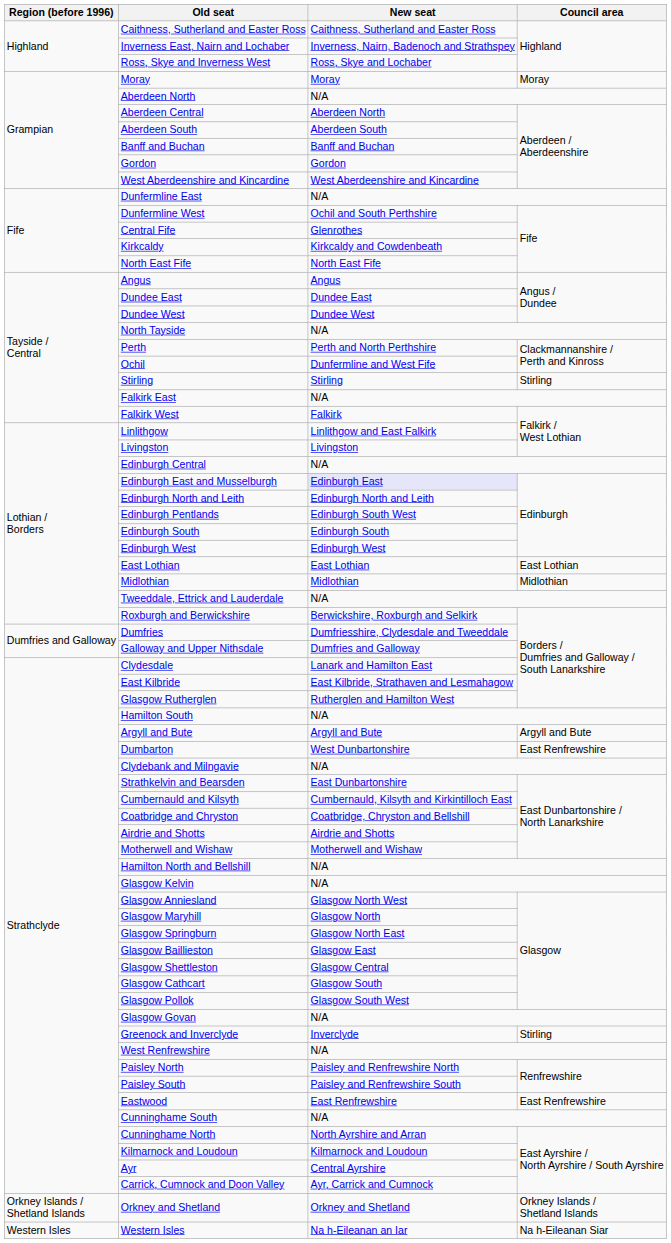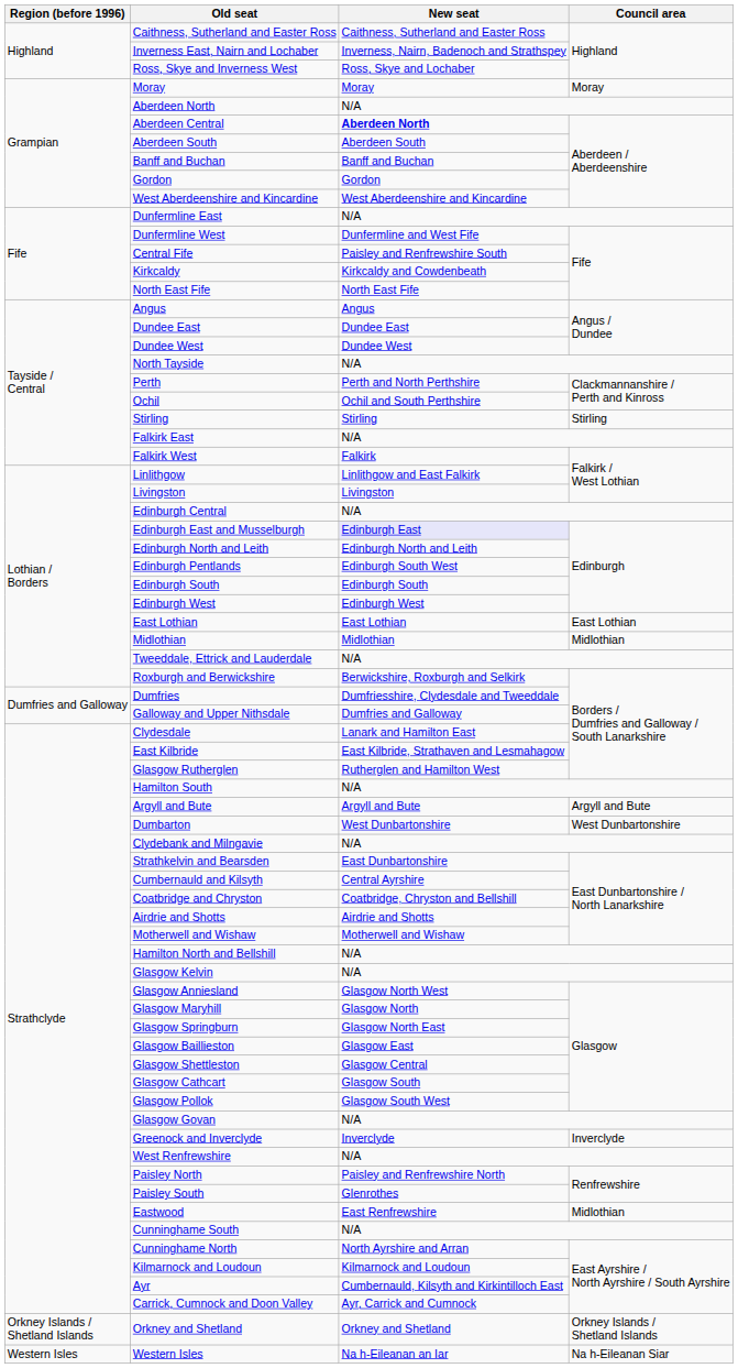 <table class="wikitable">
 <tr>
 <th>Region (before 1996)</th>
 <th>Old seat</th>
 <th>New seat</th>
 <th>Council area</th>
 </tr>
 <tr>
 <td rowspan="3">Highland</td>
 <td><a href='#'>Caithness, Sutherland and Easter Ross</a></td>
 <td><a href='#'>Caithness, Sutherland and Easter Ross</a></td>
 <td rowspan="3">Highland</td>
 </tr>
 <tr>
 <td><a href='#'>Inverness East, Nairn and Lochaber</a></td>
 <td><a href='#'>Inverness, Nairn, Badenoch and Strathspey</a></td>
 </tr>
 <tr>
 <td><a href='#'>Ross, Skye and Inverness West</a></td>
 <td><a href='#'>Ross, Skye and Lochaber</a></td>
 </tr>
 <tr>
 <td rowspan="7">Grampian</td>
 <td><a href='#'>Moray</a></td>
 <td><a href='#'>Moray</a></td>
 <td>Moray</td>
 </tr>
 <tr>
 <td><a href='#'>Aberdeen North</a></td>
 <td colspan="2">N/A</td>
 </tr>
 <tr>
 <td><a href='#'>Aberdeen Central</a></td>
-<td><a href='#'>Aberdeen North</a></td>
+<td><strong><a href='#'>Aberdeen North</a></strong></td>
 <td rowspan="5">Aberdeen /<br>Aberdeenshire</td>
 </tr>
 <tr>
 <td><a href='#'>Aberdeen South</a></td>
 <td><a href='#'>Aberdeen South</a></td>
 </tr>
 <tr>
 <td><a href='#'>Banff and Buchan</a></td>
 <td><a href='#'>Banff and Buchan</a></td>
 </tr>
 <tr>
 <td><a href='#'>Gordon</a></td>
 <td><a href='#'>Gordon</a></td>
 </tr>
 <tr>
 <td><a href='#'>West Aberdeenshire and Kincardine</a></td>
 <td><a href='#'>West Aberdeenshire and Kincardine</a></td>
 </tr>
 <tr>
 <td rowspan="5">Fife</td>
 <td><a href='#'>Dunfermline East</a></td>
 <td colspan="2">N/A</td>
 </tr>
 <tr>
 <td><a href='#'>Dunfermline West</a></td>
-<td><a href='#'>Ochil and South Perthshire</a></td>
+<td><a href='#'>Dunfermline and West Fife</a></td>
 <td rowspan="4">Fife</td>
 </tr>
 <tr>
 <td><a href='#'>Central Fife</a></td>
-<td><a href='#'>Glenrothes</a></td>
+<td><a href='#'>Paisley and Renfrewshire South</a></td>
 </tr>
 <tr>
 <td><a href='#'>Kirkcaldy</a></td>
 <td><a href='#'>Kirkcaldy and Cowdenbeath</a></td>
 </tr>
 <tr>
 <td><a href='#'>North East Fife</a></td>
 <td><a href='#'>North East Fife</a></td>
 </tr>
 <tr>
 <td rowspan="9">Tayside /<br>Central</td>
 <td><a href='#'>Angus</a></td>
 <td><a href='#'>Angus</a></td>
 <td rowspan="3">Angus /<br>Dundee</td>
 </tr>
 <tr>
 <td><a href='#'>Dundee East</a></td>
 <td><a href='#'>Dundee East</a></td>
 </tr>
 <tr>
 <td><a href='#'>Dundee West</a></td>
 <td><a href='#'>Dundee West</a></td>
 </tr>
 <tr>
 <td><a href='#'>North Tayside</a></td>
 <td colspan="2">N/A</td>
 </tr>
 <tr>
 <td><a href='#'>Perth</a></td>
 <td><a href='#'>Perth and North Perthshire</a></td>
 <td rowspan="2">Clackmannanshire /<br>Perth and Kinross</td>
 </tr>
 <tr>
 <td><a href='#'>Ochil</a></td>
-<td><a href='#'>Dunfermline and West Fife</a></td>
+<td><a href='#'>Ochil and South Perthshire</a></td>
 </tr>
 <tr>
 <td><a href='#'>Stirling</a></td>
 <td><a href='#'>Stirling</a></td>
 <td>Stirling</td>
 </tr>
 <tr>
 <td><a href='#'>Falkirk East</a></td>
 <td colspan="2">N/A</td>
 </tr>
 <tr>
 <td><a href='#'>Falkirk West</a></td>
 <td><a href='#'>Falkirk</a></td>
 <td rowspan="3">Falkirk /<br>West Lothian</td>
 </tr>
 <tr>
 <td rowspan="12">Lothian /<br>Borders</td>
 <td><a href='#'>Linlithgow</a></td>
 <td><a href='#'>Linlithgow and East Falkirk</a></td>
 </tr>
 <tr>
 <td><a href='#'>Livingston</a></td>
 <td><a href='#'>Livingston</a></td>
 </tr>
 <tr>
 <td><a href='#'>Edinburgh Central</a></td>
 <td colspan="2">N/A</td>
 </tr>
 <tr>
 <td><a href='#'>Edinburgh East and Musselburgh</a></td>
 <td style="background: lavender;"><a href='#'>Edinburgh East</a></td>
 <td rowspan="5">Edinburgh</td>
 </tr>
 <tr>
 <td><a href='#'>Edinburgh North and Leith</a></td>
 <td><a href='#'>Edinburgh North and Leith</a></td>
 </tr>
 <tr>
 <td><a href='#'>Edinburgh Pentlands</a></td>
 <td><a href='#'>Edinburgh South West</a></td>
 </tr>
 <tr>
 <td><a href='#'>Edinburgh South</a></td>
 <td><a href='#'>Edinburgh South</a></td>
 </tr>
 <tr>
 <td><a href='#'>Edinburgh West</a></td>
 <td><a href='#'>Edinburgh West</a></td>
 </tr>
 <tr>
 <td><a href='#'>East Lothian</a></td>
 <td><a href='#'>East Lothian</a></td>
 <td>East Lothian</td>
 </tr>
 <tr>
 <td><a href='#'>Midlothian</a></td>
 <td><a href='#'>Midlothian</a></td>
 <td>Midlothian</td>
 </tr>
 <tr>
 <td><a href='#'>Tweeddale, Ettrick and Lauderdale</a></td>
 <td colspan="2">N/A</td>
 </tr>
 <tr>
 <td><a href='#'>Roxburgh and Berwickshire</a></td>
 <td><a href='#'>Berwickshire, Roxburgh and Selkirk</a></td>
 <td rowspan="6">Borders /<br>Dumfries and Galloway /<br>South Lanarkshire</td>
 </tr>
 <tr>
 <td rowspan="2">Dumfries and Galloway</td>
 <td><a href='#'>Dumfries</a></td>
 <td><a href='#'>Dumfriesshire, Clydesdale and Tweeddale</a></td>
 </tr>
 <tr>
 <td><a href='#'>Galloway and Upper Nithsdale</a></td>
 <td><a href='#'>Dumfries and Galloway</a></td>
 </tr>
 <tr>
 <td rowspan="32">Strathclyde</td>
 <td><a href='#'>Clydesdale</a></td>
 <td><a href='#'>Lanark and Hamilton East</a></td>
 </tr>
 <tr>
 <td><a href='#'>East Kilbride</a></td>
 <td><a href='#'>East Kilbride, Strathaven and Lesmahagow</a></td>
 </tr>
 <tr>
 <td><a href='#'>Glasgow Rutherglen</a></td>
 <td><a href='#'>Rutherglen and Hamilton West</a></td>
 </tr>
 <tr>
 <td><a href='#'>Hamilton South</a></td>
 <td colspan="2">N/A</td>
 </tr>
 <tr>
 <td><a href='#'>Argyll and Bute</a></td>
 <td><a href='#'>Argyll and Bute</a></td>
 <td>Argyll and Bute</td>
 </tr>
 <tr>
 <td><a href='#'>Dumbarton</a></td>
 <td><a href='#'>West Dunbartonshire</a></td>
-<td>East Renfrewshire</td>
+<td>West Dunbartonshire</td>
 </tr>
 <tr>
 <td><a href='#'>Clydebank and Milngavie</a></td>
 <td colspan="2">N/A</td>
 </tr>
 <tr>
 <td><a href='#'>Strathkelvin and Bearsden</a></td>
 <td><a href='#'>East Dunbartonshire</a></td>
 <td rowspan="5">East Dunbartonshire /<br>North Lanarkshire</td>
 </tr>
 <tr>
 <td><a href='#'>Cumbernauld and Kilsyth</a></td>
-<td><a href='#'>Cumbernauld, Kilsyth and Kirkintilloch East</a></td>
+<td><a href='#'>Central Ayrshire</a></td>
 </tr>
 <tr>
 <td><a href='#'>Coatbridge and Chryston</a></td>
 <td><a href='#'>Coatbridge, Chryston and Bellshill</a></td>
 </tr>
 <tr>
 <td><a href='#'>Airdrie and Shotts</a></td>
 <td><a href='#'>Airdrie and Shotts</a></td>
 </tr>
 <tr>
 <td><a href='#'>Motherwell and Wishaw</a></td>
 <td><a href='#'>Motherwell and Wishaw</a></td>
 </tr>
 <tr>
 <td><a href='#'>Hamilton North and Bellshill</a></td>
 <td colspan="2">N/A</td>
 </tr>
 <tr>
 <td><a href='#'>Glasgow Kelvin</a></td>
 <td colspan="2">N/A</td>
 </tr>
 <tr>
 <td><a href='#'>Glasgow Anniesland</a></td>
 <td><a href='#'>Glasgow North West</a></td>
 <td rowspan="7">Glasgow</td>
 </tr>
 <tr>
 <td><a href='#'>Glasgow Maryhill</a></td>
 <td><a href='#'>Glasgow North</a></td>
 </tr>
 <tr>
 <td><a href='#'>Glasgow Springburn</a></td>
 <td><a href='#'>Glasgow North East</a></td>
 </tr>
 <tr>
 <td><a href='#'>Glasgow Baillieston</a></td>
 <td><a href='#'>Glasgow East</a></td>
 </tr>
 <tr>
 <td><a href='#'>Glasgow Shettleston</a></td>
 <td><a href='#'>Glasgow Central</a></td>
 </tr>
 <tr>
 <td><a href='#'>Glasgow Cathcart</a></td>
 <td><a href='#'>Glasgow South</a></td>
 </tr>
 <tr>
 <td><a href='#'>Glasgow Pollok</a></td>
 <td><a href='#'>Glasgow South West</a></td>
 </tr>
 <tr>
 <td><a href='#'>Glasgow Govan</a></td>
 <td colspan="2">N/A</td>
 </tr>
 <tr>
 <td><a href='#'>Greenock and Inverclyde</a></td>
 <td><a href='#'>Inverclyde</a></td>
-<td>Stirling</td>
+<td>Inverclyde</td>
 </tr>
 <tr>
 <td><a href='#'>West Renfrewshire</a></td>
 <td colspan="2">N/A</td>
 </tr>
 <tr>
 <td><a href='#'>Paisley North</a></td>
 <td><a href='#'>Paisley and Renfrewshire North</a></td>
 <td rowspan="2">Renfrewshire</td>
 </tr>
 <tr>
 <td><a href='#'>Paisley South</a></td>
-<td><a href='#'>Paisley and Renfrewshire South</a></td>
+<td><a href='#'>Glenrothes</a></td>
 </tr>
 <tr>
 <td><a href='#'>Eastwood</a></td>
 <td><a href='#'>East Renfrewshire</a></td>
-<td>East Renfrewshire</td>
+<td>Midlothian</td>
 </tr>
 <tr>
 <td><a href='#'>Cunninghame South</a></td>
 <td colspan="2">N/A</td>
 </tr>
 <tr>
 <td><a href='#'>Cunninghame North</a></td>
 <td><a href='#'>North Ayrshire and Arran</a></td>
 <td rowspan="4">East Ayrshire /<br>North Ayrshire / South Ayrshire</td>
 </tr>
 <tr>
 <td><a href='#'>Kilmarnock and Loudoun</a></td>
 <td><a href='#'>Kilmarnock and Loudoun</a></td>
 </tr>
 <tr>
 <td><a href='#'>Ayr</a></td>
-<td><a href='#'>Central Ayrshire</a></td>
+<td><a href='#'>Cumbernauld, Kilsyth and Kirkintilloch East</a></td>
 </tr>
 <tr>
 <td><a href='#'>Carrick, Cumnock and Doon Valley</a></td>
 <td><a href='#'>Ayr, Carrick and Cumnock</a></td>
 </tr>
 <tr>
 <td>Orkney Islands /<br>Shetland Islands</td>
 <td><a href='#'>Orkney and Shetland</a></td>
 <td><a href='#'>Orkney and Shetland</a></td>
 <td>Orkney Islands /<br>Shetland Islands</td>
 </tr>
 <tr>
 <td>Western Isles</td>
 <td><a href='#'>Western Isles</a></td>
 <td><a href='#'>Na h-Eileanan an Iar</a></td>
 <td>Na h-Eileanan Siar</td>
 </tr>
 </table>
